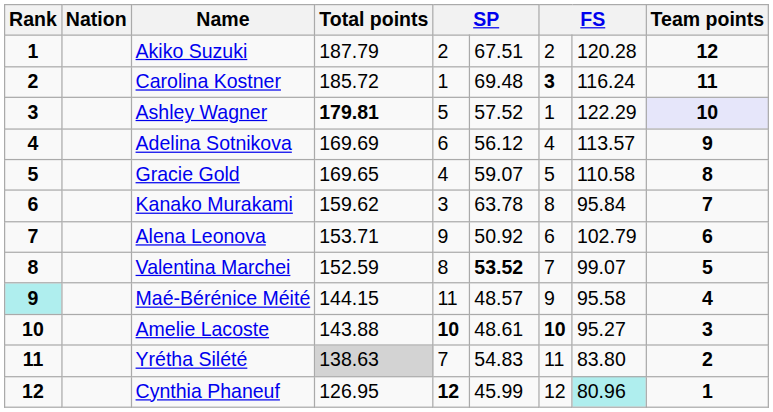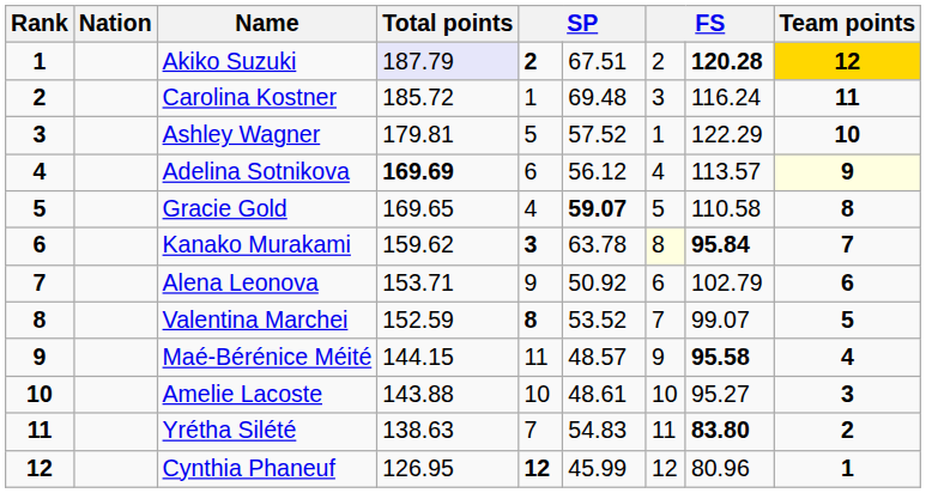 <table class="wikitable sortable">
 <tr>
 <th>Rank</th>
 <th>Nation</th>
 <th>Name</th>
 <th>Total points</th>
 <th colspan="2" width="80px"><a href='#'>SP</a></th>
 <th colspan="2" width="80px"><a href='#'>FS</a></th>
 <th>Team points</th>
 </tr>
 <tr>
 <td align="center"><strong>1</strong></td>
 <td></td>
 <td><a href='#'>Akiko Suzuki</a></td>
-<td>187.79</td>
-<td>2</td>
+<td style="background: lavender;">187.79</td>
+<td><strong>2</strong></td>
 <td>67.51</td>
 <td>2</td>
-<td>120.28</td>
-<td align="center"><strong>12</strong></td>
+<td><strong>120.28</strong></td>
+<td align="center" style="background: gold;"><strong>12</strong></td>
 </tr>
 <tr>
 <td align="center"><strong>2</strong></td>
 <td></td>
 <td><a href='#'>Carolina Kostner</a></td>
 <td>185.72</td>
 <td>1</td>
 <td>69.48</td>
-<td><strong>3</strong></td>
+<td>3</td>
 <td>116.24</td>
 <td align="center"><strong>11</strong></td>
 </tr>
 <tr>
 <td align="center"><strong>3</strong></td>
 <td></td>
 <td><a href='#'>Ashley Wagner</a></td>
-<td><strong>179.81</strong></td>
+<td>179.81</td>
 <td>5</td>
 <td>57.52</td>
 <td>1</td>
 <td>122.29</td>
-<td align="center" style="background: lavender;"><strong>10</strong></td>
+<td align="center"><strong>10</strong></td>
 </tr>
 <tr>
 <td align="center"><strong>4</strong></td>
 <td></td>
 <td><a href='#'>Adelina Sotnikova</a></td>
-<td>169.69</td>
+<td><strong>169.69</strong></td>
 <td>6</td>
 <td>56.12</td>
 <td>4</td>
 <td>113.57</td>
-<td align="center"><strong>9</strong></td>
+<td align="center" style="background: lightyellow;"><strong>9</strong></td>
 </tr>
 <tr>
 <td align="center"><strong>5</strong></td>
 <td></td>
 <td><a href='#'>Gracie Gold</a></td>
 <td>169.65</td>
 <td>4</td>
-<td>59.07</td>
+<td><strong>59.07</strong></td>
 <td>5</td>
 <td>110.58</td>
 <td align="center"><strong>8</strong></td>
 </tr>
 <tr>
 <td align="center"><strong>6</strong></td>
 <td></td>
 <td><a href='#'>Kanako Murakami</a></td>
 <td>159.62</td>
-<td>3</td>
+<td><strong>3</strong></td>
 <td>63.78</td>
-<td>8</td>
-<td>95.84</td>
+<td style="background: lightyellow;">8</td>
+<td><strong>95.84</strong></td>
 <td align="center"><strong>7</strong></td>
 </tr>
 <tr>
 <td align="center"><strong>7</strong></td>
 <td></td>
 <td><a href='#'>Alena Leonova</a></td>
 <td>153.71</td>
 <td>9</td>
 <td>50.92</td>
 <td>6</td>
 <td>102.79</td>
 <td align="center"><strong>6</strong></td>
 </tr>
 <tr>
 <td align="center"><strong>8</strong></td>
 <td></td>
 <td><a href='#'>Valentina Marchei</a></td>
 <td>152.59</td>
-<td>8</td>
-<td><strong>53.52</strong></td>
+<td><strong>8</strong></td>
+<td>53.52</td>
 <td>7</td>
 <td>99.07</td>
 <td align="center"><strong>5</strong></td>
 </tr>
 <tr>
-<td align="center" style="background: paleturquoise;"><strong>9</strong></td>
+<td align="center"><strong>9</strong></td>
 <td></td>
 <td><a href='#'>Maé-Bérénice Méité</a></td>
 <td>144.15</td>
 <td>11</td>
 <td>48.57</td>
 <td>9</td>
-<td>95.58</td>
+<td><strong>95.58</strong></td>
 <td align="center"><strong>4</strong></td>
 </tr>
 <tr>
 <td align="center"><strong>10</strong></td>
 <td></td>
 <td><a href='#'>Amelie Lacoste</a></td>
 <td>143.88</td>
-<td><strong>10</strong></td>
+<td>10</td>
 <td>48.61</td>
-<td><strong>10</strong></td>
+<td>10</td>
 <td>95.27</td>
 <td align="center"><strong>3</strong></td>
 </tr>
 <tr>
 <td align="center"><strong>11</strong></td>
 <td></td>
 <td><a href='#'>Yrétha Silété</a></td>
-<td style="background: lightgrey;">138.63</td>
+<td>138.63</td>
 <td>7</td>
 <td>54.83</td>
 <td>11</td>
-<td>83.80</td>
+<td><strong>83.80</strong></td>
 <td align="center"><strong>2</strong></td>
 </tr>
 <tr>
 <td align="center"><strong>12</strong></td>
 <td></td>
 <td><a href='#'>Cynthia Phaneuf</a></td>
 <td>126.95</td>
 <td><strong>12</strong></td>
 <td>45.99</td>
 <td>12</td>
-<td style="background: paleturquoise;">80.96</td>
+<td>80.96</td>
 <td align="center"><strong>1</strong></td>
 </tr>
 </table>
